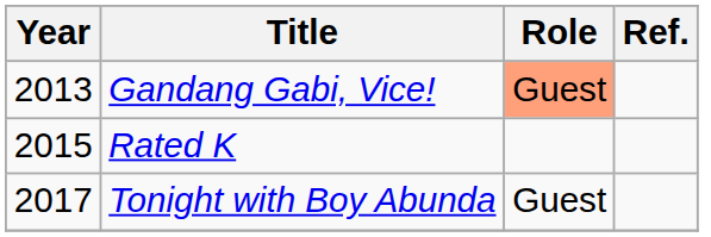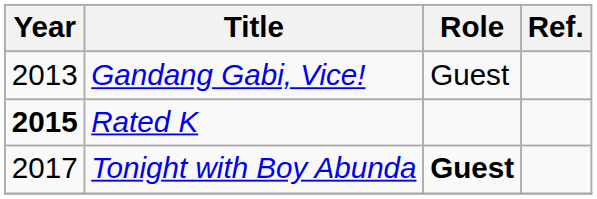 <table class="wikitable sortable">
 <tr>
 <th>Year</th>
 <th>Title</th>
 <th>Role</th>
 <th>Ref.</th>
 </tr>
 <tr>
 <td>2013</td>
 <td><em><a href='#'>Gandang Gabi, Vice!</a></em></td>
-<td style="background: lightsalmon;">Guest</td>
+<td>Guest</td>
 <td></td>
 </tr>
 <tr>
-<td>2015</td>
+<td><strong>2015</strong></td>
 <td><em><a href='#'>Rated K</a></em></td>
 <td></td>
 <td></td>
 </tr>
 <tr>
 <td>2017</td>
 <td><em><a href='#'>Tonight with Boy Abunda</a></em></td>
-<td>Guest</td>
+<td><strong>Guest</strong></td>
 <td></td>
 </tr>
 <tr>
 </tr>
 </table>
